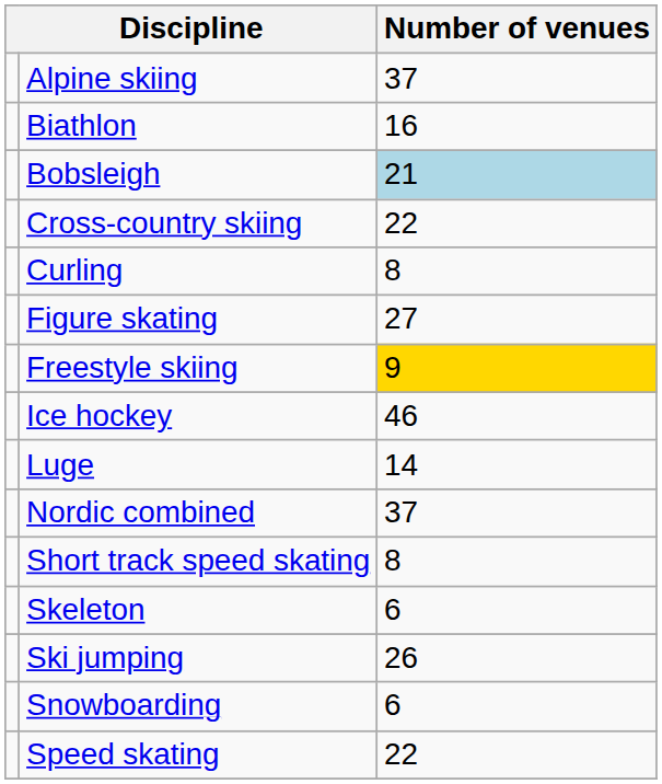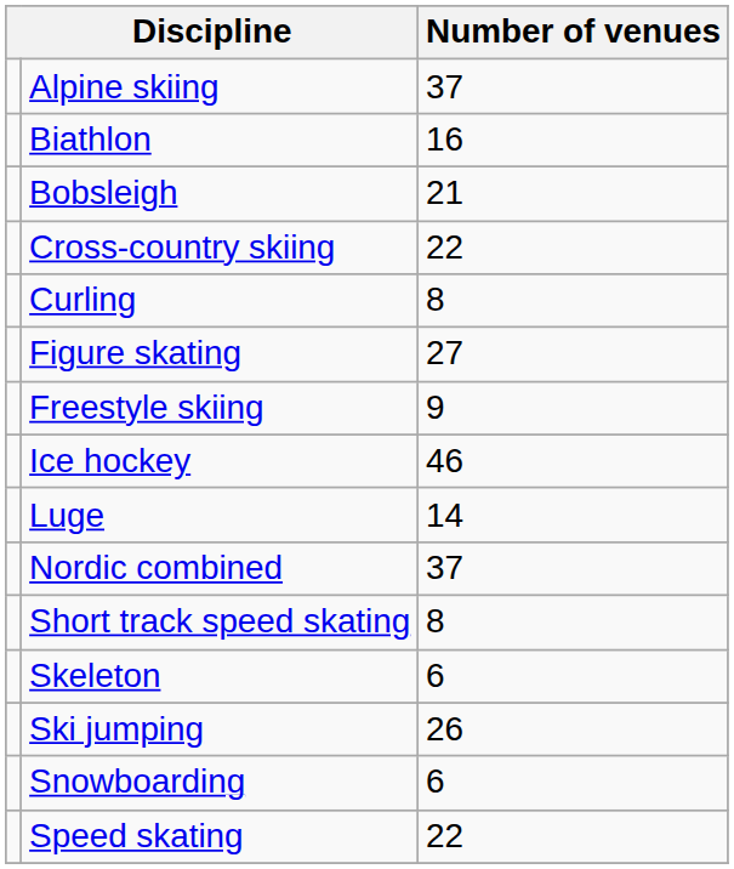 <table class="wikitable">
 <tr>
 <th colspan=2>Discipline</th>
 <th>Number of venues</th>
 </tr>
 <tr>
 <td></td>
 <td><a href='#'>Alpine skiing</a></td>
 <td>37</td>
 </tr>
 <tr>
 <td></td>
 <td><a href='#'>Biathlon</a></td>
 <td>16</td>
 </tr>
 <tr>
 <td></td>
 <td><a href='#'>Bobsleigh</a></td>
-<td style="background: lightblue;">21</td>
+<td>21</td>
 </tr>
 <tr>
 <td></td>
 <td><a href='#'>Cross-country skiing</a></td>
 <td>22</td>
 </tr>
 <tr>
 <td></td>
 <td><a href='#'>Curling</a></td>
 <td>8</td>
 </tr>
 <tr>
 <td></td>
 <td><a href='#'>Figure skating</a></td>
 <td>27</td>
 </tr>
 <tr>
 <td></td>
 <td><a href='#'>Freestyle skiing</a></td>
-<td style="background: gold;">9</td>
+<td>9</td>
 </tr>
 <tr>
 <td></td>
 <td><a href='#'>Ice hockey</a></td>
 <td>46</td>
 </tr>
 <tr>
 <td></td>
 <td><a href='#'>Luge</a></td>
 <td>14</td>
 </tr>
 <tr>
 <td></td>
 <td><a href='#'>Nordic combined</a></td>
 <td>37</td>
 </tr>
 <tr>
 <td></td>
 <td><a href='#'>Short track speed skating</a></td>
 <td>8</td>
 </tr>
 <tr>
 <td></td>
 <td><a href='#'>Skeleton</a></td>
 <td>6</td>
 </tr>
 <tr>
 <td></td>
 <td><a href='#'>Ski jumping</a></td>
 <td>26</td>
 </tr>
 <tr>
 <td></td>
 <td><a href='#'>Snowboarding</a></td>
 <td>6</td>
 </tr>
 <tr>
 <td></td>
 <td><a href='#'>Speed skating</a></td>
 <td>22</td>
 </tr>
 <tr>
 </tr>
 </table>
